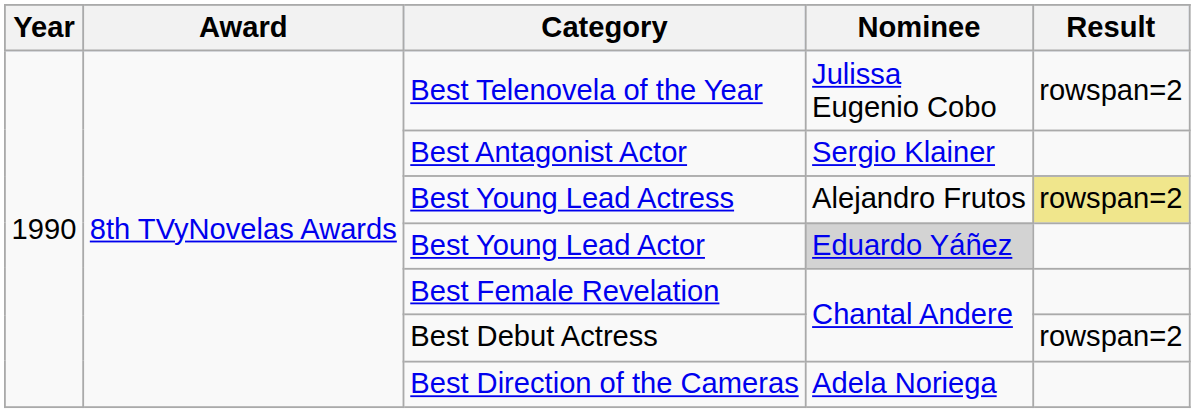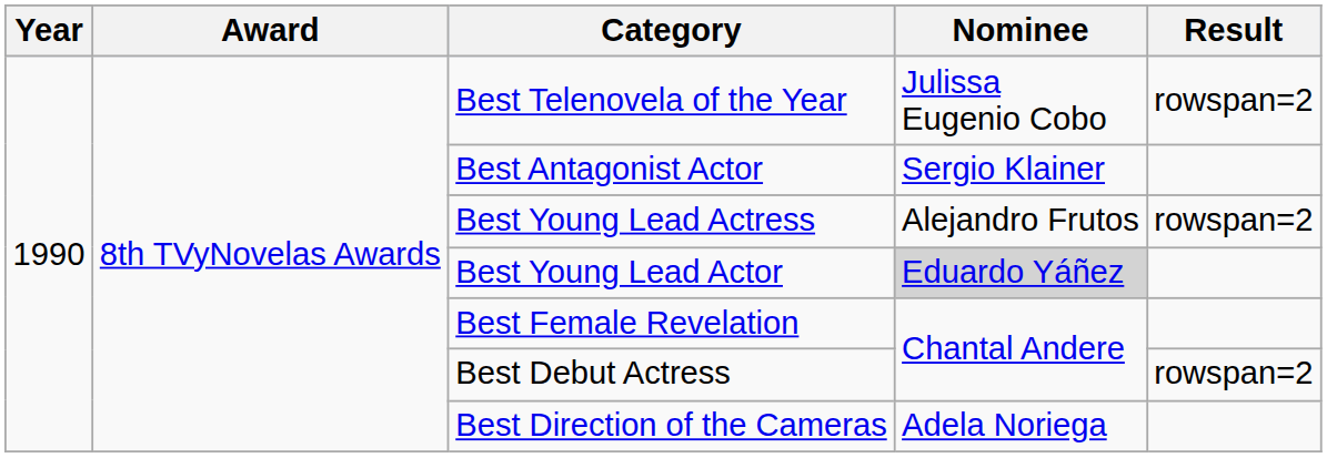 <table class="wikitable">
 <tr style="background:#b0c4de;">
 <th>Year</th>
 <th>Award</th>
 <th>Category</th>
 <th>Nominee</th>
 <th>Result</th>
 </tr>
 <tr>
 <td rowspan=7>1990</td>
 <td rowspan=7><a href='#'>8th TVyNovelas Awards</a></td>
 <td><a href='#'>Best Telenovela of the Year</a></td>
 <td><a href='#'>Julissa</a><br>Eugenio Cobo</td>
 <td>rowspan=2 </td>
 </tr>
 <tr>
 <td><a href='#'>Best Antagonist Actor</a></td>
 <td><a href='#'>Sergio Klainer</a></td>
 </tr>
 <tr>
 <td><a href='#'>Best Young Lead Actress</a></td>
 <td>Alejandro Frutos</td>
-<td style="background: khaki;">rowspan=2 </td>
+<td>rowspan=2 </td>
 </tr>
 <tr>
 <td><a href='#'>Best Young Lead Actor</a></td>
 <td style="background: lightgrey;"><a href='#'>Eduardo Yáñez</a></td>
 </tr>
 <tr>
 <td><a href='#'>Best Female Revelation</a></td>
 <td rowspan=2><a href='#'>Chantal Andere</a></td>
 <td></td>
 </tr>
 <tr>
 <td>Best Debut Actress</td>
 <td>rowspan=2 </td>
 </tr>
 <tr>
 <td><a href='#'>Best Direction of the Cameras</a></td>
 <td><a href='#'>Adela Noriega</a></td>
 </tr>
 </table>
